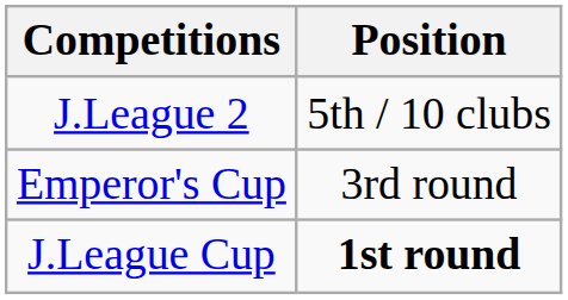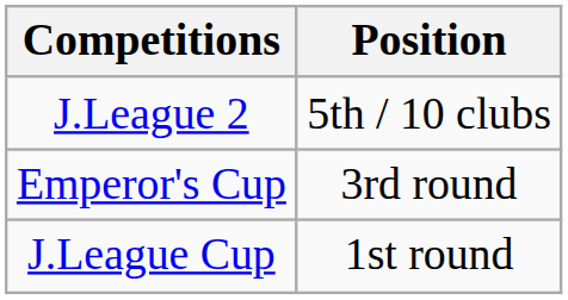 <table class="wikitable" style="text-align:center;">
 <tr>
 <th>Competitions</th>
 <th>Position</th>
 </tr>
 <tr>
 <td><a href='#'>J.League 2</a></td>
 <td>5th / 10 clubs</td>
 </tr>
 <tr>
 <td><a href='#'>Emperor's Cup</a></td>
 <td>3rd round</td>
 </tr>
 <tr>
 <td><a href='#'>J.League Cup</a></td>
-<td><strong>1st round</strong></td>
+<td>1st round</td>
 </tr>
 </table>
